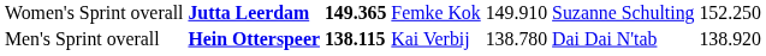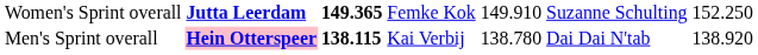 <table>
 <tr>
 <td>Women's Sprint overall</td>
 <td><strong><a href='#'>Jutta Leerdam</a></strong></td>
 <td><strong>149.365</strong></td>
 <td><a href='#'>Femke Kok</a></td>
 <td>149.910</td>
 <td><a href='#'>Suzanne Schulting</a></td>
 <td>152.250</td>
 </tr>
 <tr>
 <td>Men's Sprint overall</td>
-<td><strong><a href='#'>Hein Otterspeer</a></strong></td>
+<td style="background: pink;"><strong><a href='#'>Hein Otterspeer</a></strong></td>
 <td><strong>138.115</strong></td>
 <td><a href='#'>Kai Verbij</a></td>
 <td>138.780</td>
 <td><a href='#'>Dai Dai N'tab</a></td>
 <td>138.920</td>
 </tr>
 </table>
